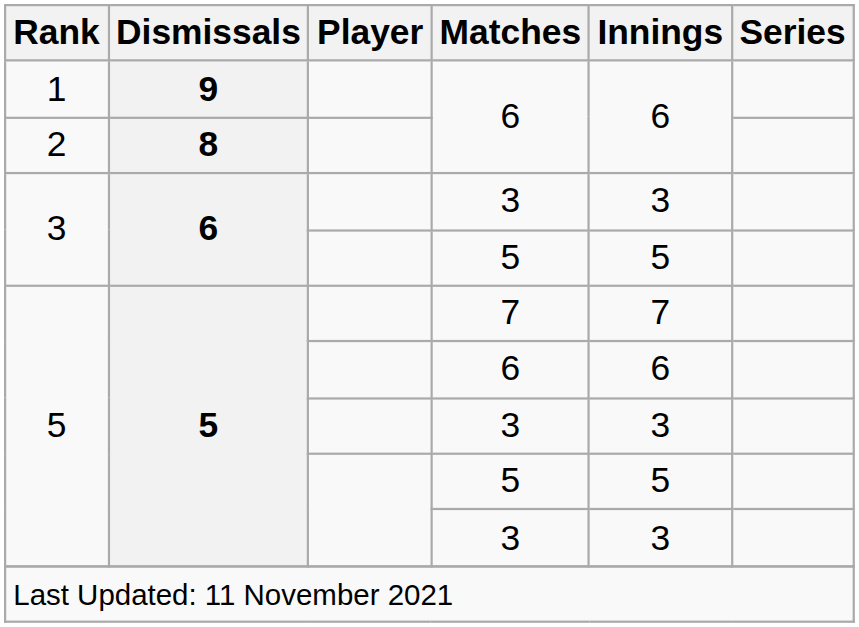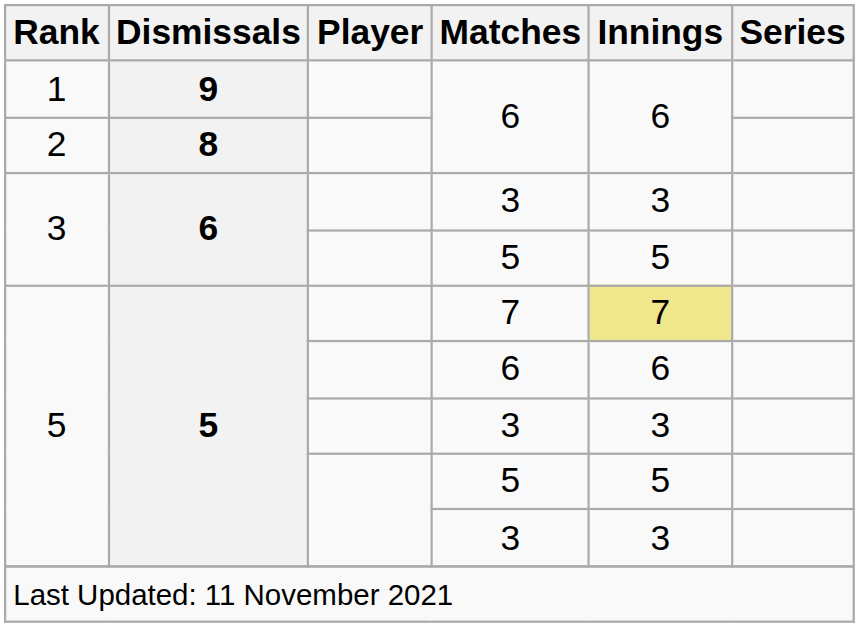 <table class="wikitable plainrowheaders sortable">
 <tr>
 <th scope=col>Rank</th>
 <th scope=col>Dismissals</th>
 <th scope=col>Player</th>
 <th scope=col>Matches</th>
 <th scope=col>Innings</th>
 <th scope=col>Series</th>
 </tr>
 <tr>
 <td align=center>1</td>
 <th scope=row style=text-align:center;>9</th>
 <td></td>
 <td align=center rowspan=2>6</td>
 <td align=center rowspan=2>6</td>
 <td></td>
 </tr>
 <tr>
 <td align=center>2</td>
 <th scope=row style=text-align:center;>8</th>
 <td></td>
 <td></td>
 </tr>
 <tr>
 <td align=center rowspan=2>3</td>
 <th scope=row style=text-align:center; rowspan=2>6</th>
 <td></td>
 <td align=center>3</td>
 <td align=center>3</td>
 <td></td>
 </tr>
 <tr>
 <td> </td>
 <td align=center>5</td>
 <td align=center>5</td>
 <td></td>
 </tr>
 <tr>
 <td align=center rowspan=5>5</td>
 <th scope=row style=text-align:center; rowspan=5>5</th>
 <td></td>
 <td align=center>7</td>
-<td align=center>7</td>
+<td align=center style="background: khaki;">7</td>
 <td></td>
 </tr>
 <tr>
 <td> </td>
 <td align=center>6</td>
 <td align=center>6</td>
 <td></td>
 </tr>
 <tr>
 <td></td>
 <td align=center>3</td>
 <td align=center>3</td>
 <td></td>
 </tr>
 <tr>
 <td rowspan=2> </td>
 <td align=center>5</td>
 <td align=center>5</td>
 <td></td>
 </tr>
 <tr>
 <td align=center>3</td>
 <td align=center>3</td>
 <td></td>
 </tr>
 <tr>
 </tr>
 <tr class=sortbottom>
 <td colspan=6><small>Last Updated: 11 November 2021</small></td>
 </tr>
 </table>
